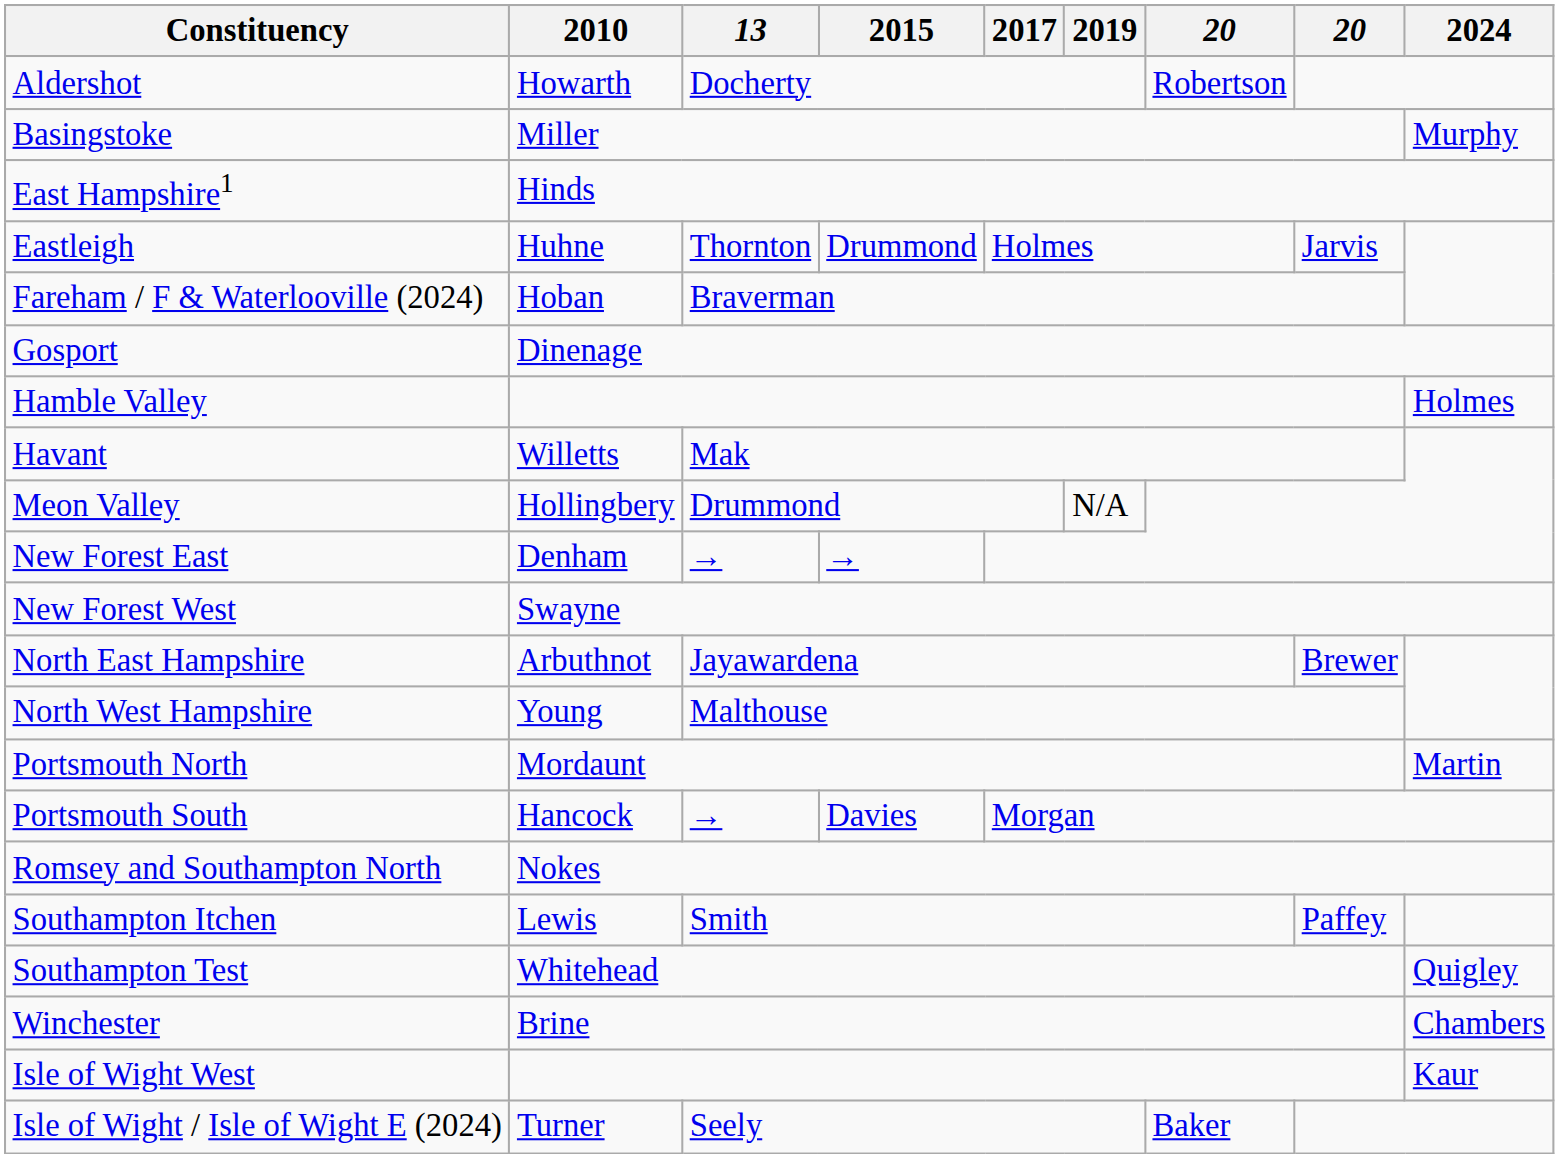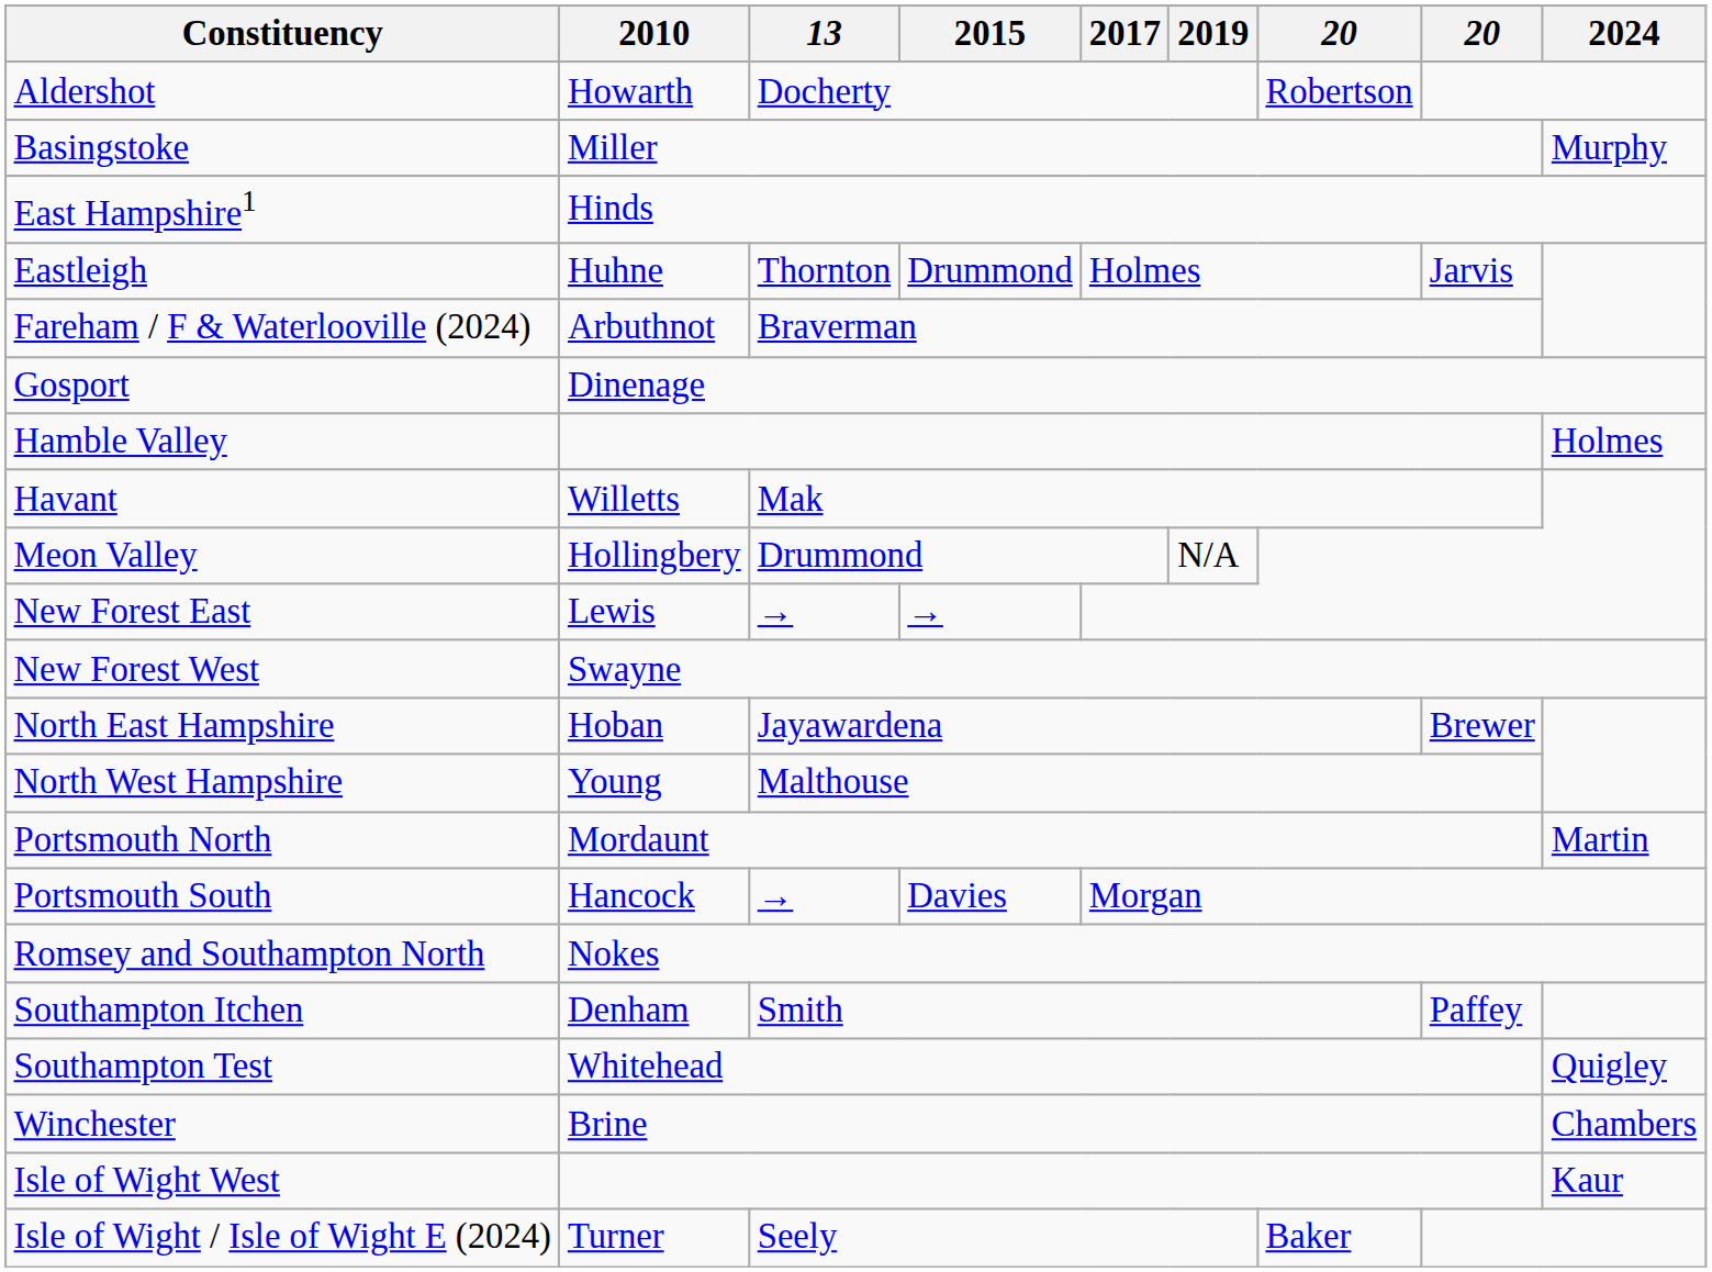 <table class="wikitable">
 <tr>
 <th>Constituency</th>
 <th>2010</th>
 <th><em>13</em></th>
 <th>2015</th>
 <th>2017</th>
 <th>2019</th>
 <th><em>20</em></th>
 <th><em>20</em></th>
 <th>2024</th>
 </tr>
 <tr>
 <td><a href='#'>Aldershot</a></td>
 <td><a href='#'>Howarth</a></td>
 <td colspan="4"><a href='#'>Docherty</a></td>
 <td><a href='#'>Robertson</a></td>
 </tr>
 <tr>
 <td><a href='#'>Basingstoke</a></td>
 <td colspan="7"><a href='#'>Miller</a></td>
 <td><a href='#'>Murphy</a></td>
 </tr>
 <tr>
 <td><a href='#'>East Hampshire</a><sup>1</sup></td>
 <td colspan="8"><a href='#'>Hinds</a></td>
 </tr>
 <tr>
 <td><a href='#'>Eastleigh</a></td>
 <td><a href='#'>Huhne</a></td>
 <td><a href='#'>Thornton</a></td>
 <td><a href='#'>Drummond</a></td>
 <td colspan="3"><a href='#'>Holmes</a></td>
 <td><a href='#'>Jarvis</a></td>
 </tr>
 <tr>
 <td><a href='#'>Fareham</a> / <a href='#'>F & Waterlooville</a> (2024)</td>
-<td><a href='#'>Hoban</a></td>
+<td><a href='#'>Arbuthnot</a></td>
 <td colspan="6"><a href='#'>Braverman</a></td>
 </tr>
 <tr>
 <td><a href='#'>Gosport</a></td>
 <td colspan="8"><a href='#'>Dinenage</a></td>
 </tr>
 <tr>
 <td><a href='#'>Hamble Valley</a></td>
 <td colspan="7"></td>
 <td><a href='#'>Holmes</a></td>
 </tr>
 <tr>
 <td><a href='#'>Havant</a></td>
 <td><a href='#'>Willetts</a></td>
 <td colspan="6"><a href='#'>Mak</a></td>
 </tr>
 <tr>
 <td><a href='#'>Meon Valley</a></td>
 <td><a href='#'>Hollingbery</a></td>
 <td colspan="3"><a href='#'>Drummond</a></td>
 <td>N/A</td>
 </tr>
 <tr>
 <td><a href='#'>New Forest East</a></td>
-<td><a href='#'>Denham</a></td>
+<td><a href='#'>Lewis</a></td>
 <td><a href='#'>→</a></td>
 <td><a href='#'>→</a></td>
 </tr>
 <tr>
 <td><a href='#'>New Forest West</a></td>
 <td colspan="8"><a href='#'>Swayne</a></td>
 </tr>
 <tr>
 <td><a href='#'>North East Hampshire</a></td>
-<td><a href='#'>Arbuthnot</a></td>
+<td><a href='#'>Hoban</a></td>
 <td colspan="5"><a href='#'>Jayawardena</a></td>
 <td><a href='#'>Brewer</a></td>
 </tr>
 <tr>
 <td><a href='#'>North West Hampshire</a></td>
 <td><a href='#'>Young</a></td>
 <td colspan="6"><a href='#'>Malthouse</a></td>
 </tr>
 <tr>
 <td><a href='#'>Portsmouth North</a></td>
 <td colspan="7"><a href='#'>Mordaunt</a></td>
 <td><a href='#'>Martin</a></td>
 </tr>
 <tr>
 <td><a href='#'>Portsmouth South</a></td>
 <td><a href='#'>Hancock</a></td>
 <td><a href='#'>→</a></td>
 <td><a href='#'>Davies</a></td>
 <td colspan="5"><a href='#'>Morgan</a></td>
 </tr>
 <tr>
 <td><a href='#'>Romsey and Southampton North</a></td>
 <td colspan="8"><a href='#'>Nokes</a></td>
 </tr>
 <tr>
 <td><a href='#'>Southampton Itchen</a></td>
-<td><a href='#'>Lewis</a></td>
+<td><a href='#'>Denham</a></td>
 <td colspan="5"><a href='#'>Smith</a></td>
 <td><a href='#'>Paffey</a></td>
 </tr>
 <tr>
 <td><a href='#'>Southampton Test</a></td>
 <td colspan="7"><a href='#'>Whitehead</a></td>
 <td><a href='#'>Quigley</a></td>
 </tr>
 <tr>
 <td><a href='#'>Winchester</a></td>
 <td colspan="7"><a href='#'>Brine</a></td>
 <td><a href='#'>Chambers</a></td>
 </tr>
 <tr>
 <td><a href='#'>Isle of Wight West</a></td>
 <td colspan="7"></td>
 <td><a href='#'>Kaur</a></td>
 </tr>
 <tr>
 <td><a href='#'>Isle of Wight</a> / <a href='#'>Isle of Wight E</a> (2024)</td>
 <td><a href='#'>Turner</a></td>
 <td colspan="4"><a href='#'>Seely</a></td>
 <td><a href='#'>Baker</a></td>
 </tr>
 </table>
